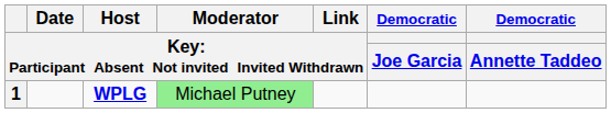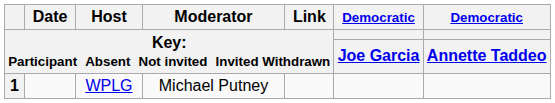 <table class="wikitable" style="text-align:center;">
 <tr>
 <th scope="col"></th>
 <th scope="col">Date</th>
 <th scope="col">Host</th>
 <th scope="col">Moderator</th>
 <th scope="col">Link</th>
 <th scope="col"><small><a href='#'>Democratic</a></small></th>
 <th scope="col"><small><a href='#'>Democratic</a></small></th>
 </tr>
 <tr>
 <th colspan="5" rowspan="2">Key:<br> <small>Participant </small>  <small>Absent </small>  <small>Not invited </small>  <small>Invited  Withdrawn</small></th>
 <th scope="col" style="background:"></th>
 <th scope="col" style="background:"></th>
 </tr>
 <tr>
 <th scope="col"><a href='#'>Joe Garcia</a></th>
 <th scope="col"><a href='#'>Annette Taddeo</a></th>
 </tr>
 <tr>
 <th>1</th>
 <td style="white-space:nowrap;"></td>
-<td style="white-space:nowrap;"><strong><a href='#'>WPLG</a></strong></td>
-<td style="background: lightgreen; white-space:nowrap;">Michael Putney</td>
+<td style="white-space:nowrap;"><a href='#'>WPLG</a></td>
+<td style="white-space:nowrap;">Michael Putney</td>
 <td style="white-space:nowrap;"></td>
 <td></td>
 <td></td>
 </tr>
 </table>
